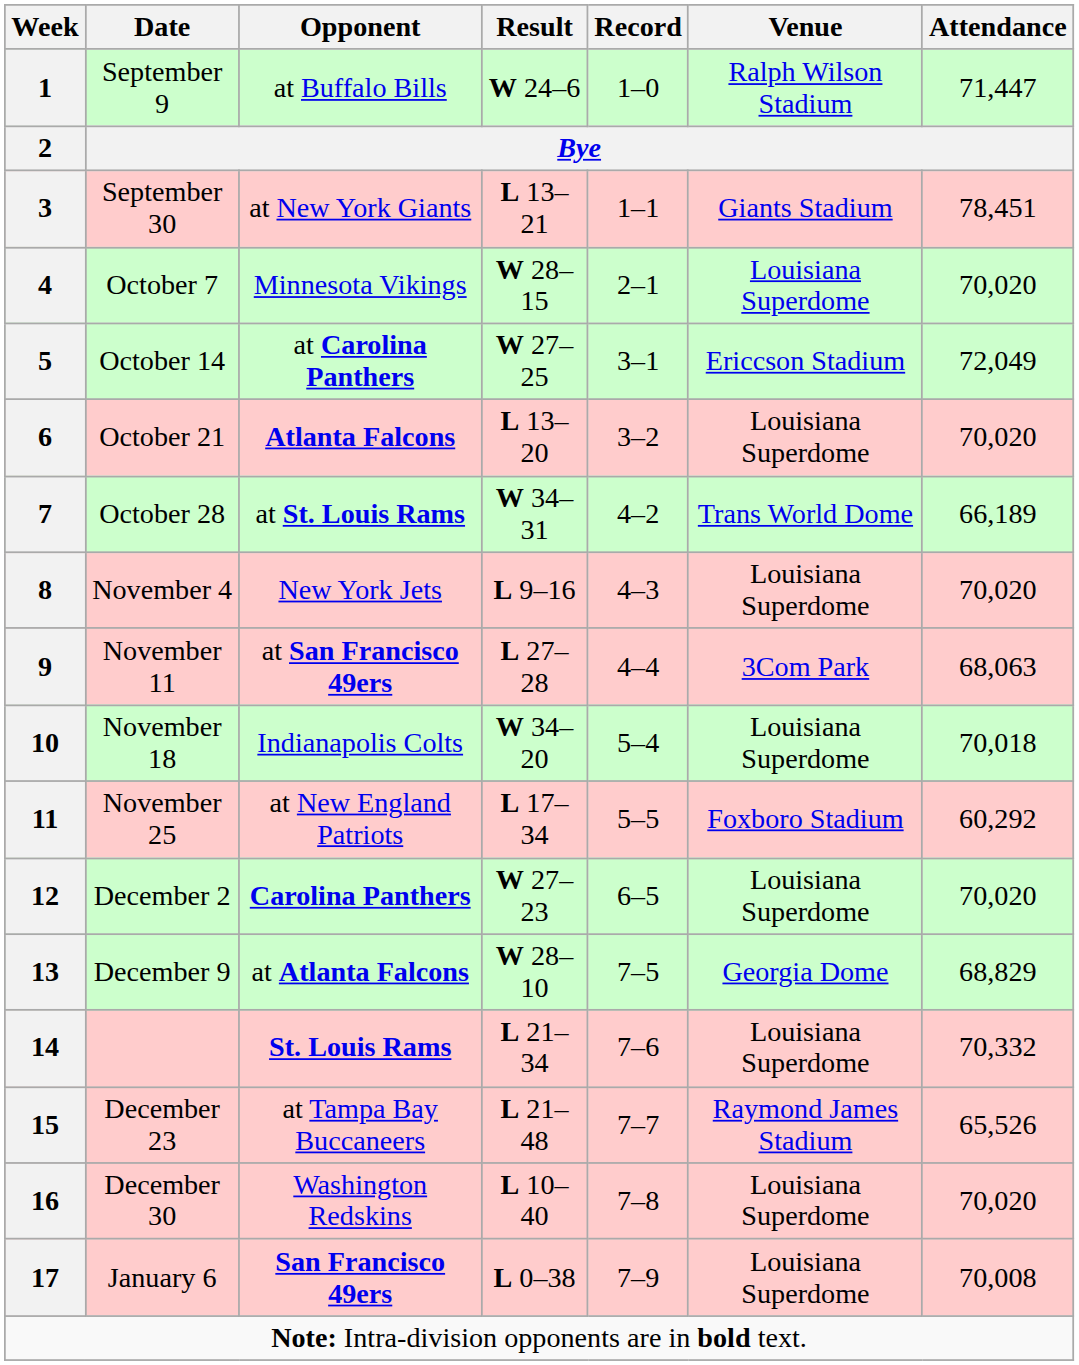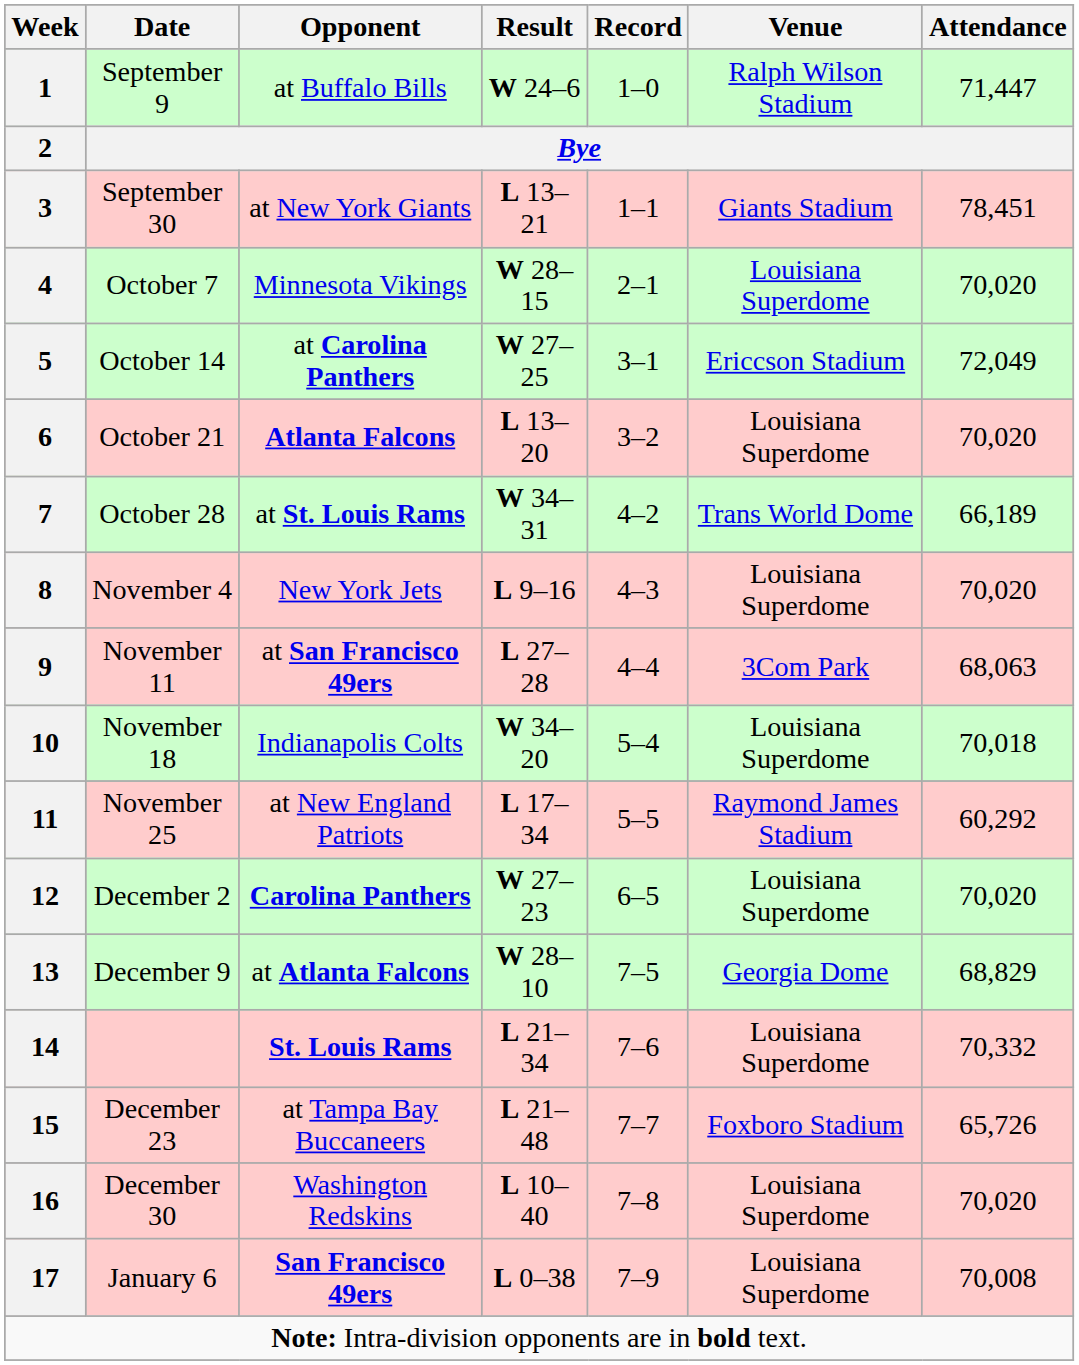 <table class="wikitable" style="text-align:center">
 <tr>
 <th>Week</th>
 <th>Date</th>
 <th>Opponent</th>
 <th>Result</th>
 <th>Record</th>
 <th>Venue</th>
 <th>Attendance</th>
 </tr>
 <tr style="background:#cfc">
 <th>1</th>
 <td>September 9</td>
 <td>at <a href='#'>Buffalo Bills</a></td>
 <td><strong>W</strong> 24–6</td>
 <td>1–0</td>
 <td><a href='#'>Ralph Wilson Stadium</a></td>
 <td>71,447</td>
 </tr>
 <tr>
 <th>2</th>
 <th colspan="6"><em><a href='#'>Bye</a></em></th>
 </tr>
 <tr style="background:#fcc">
 <th>3</th>
 <td>September 30</td>
 <td>at <a href='#'>New York Giants</a></td>
 <td><strong>L</strong> 13–21</td>
 <td>1–1</td>
 <td><a href='#'>Giants Stadium</a></td>
 <td>78,451</td>
 </tr>
 <tr style="background:#cfc">
 <th>4</th>
 <td>October 7</td>
 <td><a href='#'>Minnesota Vikings</a></td>
 <td><strong>W</strong> 28–15</td>
 <td>2–1</td>
 <td><a href='#'>Louisiana Superdome</a></td>
 <td>70,020</td>
 </tr>
 <tr style="background:#cfc">
 <th>5</th>
 <td>October 14</td>
 <td>at <strong><a href='#'>Carolina Panthers</a></strong></td>
 <td><strong>W</strong> 27–25</td>
 <td>3–1</td>
 <td><a href='#'>Ericcson Stadium</a></td>
 <td>72,049</td>
 </tr>
 <tr style="background:#fcc">
 <th>6</th>
 <td>October 21</td>
 <td><strong><a href='#'>Atlanta Falcons</a></strong></td>
 <td><strong>L</strong> 13–20</td>
 <td>3–2</td>
 <td>Louisiana Superdome</td>
 <td>70,020</td>
 </tr>
 <tr style="background:#cfc">
 <th>7</th>
 <td>October 28</td>
 <td>at <strong><a href='#'>St. Louis Rams</a></strong></td>
 <td><strong>W</strong> 34–31</td>
 <td>4–2</td>
 <td><a href='#'>Trans World Dome</a></td>
 <td>66,189</td>
 </tr>
 <tr style="background:#fcc">
 <th>8</th>
 <td>November 4</td>
 <td><a href='#'>New York Jets</a></td>
 <td><strong>L</strong> 9–16</td>
 <td>4–3</td>
 <td>Louisiana Superdome</td>
 <td>70,020</td>
 </tr>
 <tr style="background:#fcc">
 <th>9</th>
 <td>November 11</td>
 <td>at <strong><a href='#'>San Francisco 49ers</a></strong></td>
 <td><strong>L</strong> 27–28</td>
 <td>4–4</td>
 <td><a href='#'>3Com Park</a></td>
 <td>68,063</td>
 </tr>
 <tr style="background:#cfc">
 <th>10</th>
 <td>November 18</td>
 <td><a href='#'>Indianapolis Colts</a></td>
 <td><strong>W</strong> 34–20</td>
 <td>5–4</td>
 <td>Louisiana Superdome</td>
 <td>70,018</td>
 </tr>
 <tr style="background:#fcc">
 <th>11</th>
 <td>November 25</td>
 <td>at <a href='#'>New England Patriots</a></td>
 <td><strong>L</strong> 17–34</td>
 <td>5–5</td>
-<td><a href='#'>Foxboro Stadium</a></td>
+<td><a href='#'>Raymond James Stadium</a></td>
 <td>60,292</td>
 </tr>
 <tr style="background:#cfc">
 <th>12</th>
 <td>December 2</td>
 <td><strong><a href='#'>Carolina Panthers</a></strong></td>
 <td><strong>W</strong> 27–23</td>
 <td>6–5</td>
 <td>Louisiana Superdome</td>
 <td>70,020</td>
 </tr>
 <tr style="background:#cfc">
 <th>13</th>
 <td>December 9</td>
 <td>at <strong><a href='#'>Atlanta Falcons</a></strong></td>
 <td><strong>W</strong> 28–10</td>
 <td>7–5</td>
 <td><a href='#'>Georgia Dome</a></td>
 <td>68,829</td>
 </tr>
 <tr style="background:#fcc">
 <th>14</th>
 <td></td>
 <td><strong><a href='#'>St. Louis Rams</a></strong></td>
 <td><strong>L</strong> 21–34</td>
 <td>7–6</td>
 <td>Louisiana Superdome</td>
 <td>70,332</td>
 </tr>
 <tr style="background:#fcc">
 <th>15</th>
 <td>December 23</td>
 <td>at <a href='#'>Tampa Bay Buccaneers</a></td>
 <td><strong>L</strong> 21–48</td>
 <td>7–7</td>
-<td><a href='#'>Raymond James Stadium</a></td>
-<td>65,526</td>
+<td><a href='#'>Foxboro Stadium</a></td>
+<td>65,726</td>
 </tr>
 <tr style="background:#fcc">
 <th>16</th>
 <td>December 30</td>
 <td><a href='#'>Washington Redskins</a></td>
 <td><strong>L</strong> 10–40</td>
 <td>7–8</td>
 <td>Louisiana Superdome</td>
 <td>70,020</td>
 </tr>
 <tr style="background:#fcc">
 <th>17</th>
 <td>January 6</td>
 <td><strong><a href='#'>San Francisco 49ers</a></strong></td>
 <td><strong>L</strong> 0–38</td>
 <td>7–9</td>
 <td>Louisiana Superdome</td>
 <td>70,008</td>
 </tr>
 <tr>
 <td colspan="7"><strong>Note:</strong> Intra-division opponents are in <strong>bold</strong> text.</td>
 </tr>
 </table>
